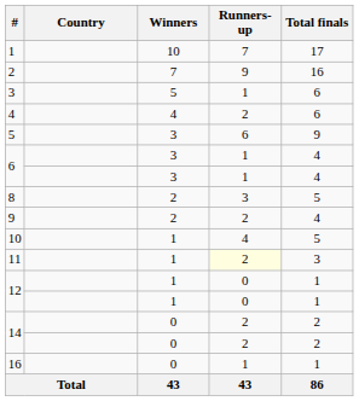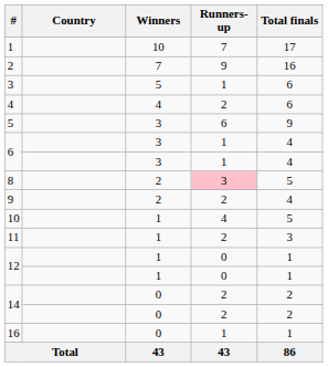 <table class="wikitable">
 <tr>
 <th width=10>#</th>
 <th width=130>Country</th>
 <th width=80>Winners</th>
 <th width=80>Runners-up</th>
 <th width=80>Total finals</th>
 </tr>
 <tr>
 <td>1</td>
 <td></td>
 <td style="text-align:center;">10</td>
 <td style="text-align:center;">7</td>
 <td style="text-align:center;">17</td>
 </tr>
 <tr>
 <td>2</td>
 <td></td>
 <td style="text-align:center;">7</td>
 <td style="text-align:center;">9</td>
 <td style="text-align:center;">16</td>
 </tr>
 <tr>
 <td>3</td>
 <td></td>
 <td style="text-align:center;">5</td>
 <td style="text-align:center;">1</td>
 <td style="text-align:center;">6</td>
 </tr>
 <tr>
 <td>4</td>
 <td></td>
 <td style="text-align:center;">4</td>
 <td style="text-align:center;">2</td>
 <td style="text-align:center;">6</td>
 </tr>
 <tr>
 <td>5</td>
 <td></td>
 <td style="text-align:center;">3</td>
 <td style="text-align:center;">6</td>
 <td style="text-align:center;">9</td>
 </tr>
 <tr>
 <td rowspan=2>6</td>
 <td><em></em></td>
 <td style="text-align:center;">3</td>
 <td style="text-align:center;">1</td>
 <td style="text-align:center;">4</td>
 </tr>
 <tr>
 <td><em></em></td>
 <td style="text-align:center;">3</td>
 <td style="text-align:center;">1</td>
 <td style="text-align:center;">4</td>
 </tr>
 <tr>
 <td>8</td>
 <td><em></em></td>
 <td style="text-align:center;">2</td>
-<td style="text-align:center;">3</td>
+<td style="background: pink; text-align:center;">3</td>
 <td style="text-align:center;">5</td>
 </tr>
 <tr>
 <td>9</td>
 <td></td>
 <td style="text-align:center;">2</td>
 <td style="text-align:center;">2</td>
 <td style="text-align:center;">4</td>
 </tr>
 <tr>
 <td>10</td>
 <td></td>
 <td style="text-align:center;">1</td>
 <td style="text-align:center;">4</td>
 <td style="text-align:center;">5</td>
 </tr>
 <tr>
 <td>11</td>
 <td></td>
 <td style="text-align:center;">1</td>
-<td style="background: lightyellow; text-align:center;">2</td>
+<td style="text-align:center;">2</td>
 <td style="text-align:center;">3</td>
 </tr>
 <tr>
 <td rowspan="2">12</td>
 <td></td>
 <td style="text-align:center;">1</td>
 <td style="text-align:center;">0</td>
 <td style="text-align:center;">1</td>
 </tr>
 <tr>
 <td></td>
 <td style="text-align:center;">1</td>
 <td style="text-align:center;">0</td>
 <td style="text-align:center;">1</td>
 </tr>
 <tr>
 <td rowspan="2">14</td>
 <td></td>
 <td style="text-align:center;">0</td>
 <td style="text-align:center;">2</td>
 <td style="text-align:center;">2</td>
 </tr>
 <tr>
 <td></td>
 <td style="text-align:center;">0</td>
 <td style="text-align:center;">2</td>
 <td style="text-align:center;">2</td>
 </tr>
 <tr>
 <td>16</td>
 <td></td>
 <td style="text-align:center;">0</td>
 <td style="text-align:center;">1</td>
 <td style="text-align:center;">1</td>
 </tr>
 <tr>
 <th colspan=2>Total</th>
 <th>43</th>
 <th>43</th>
 <th>86</th>
 </tr>
 </table>
